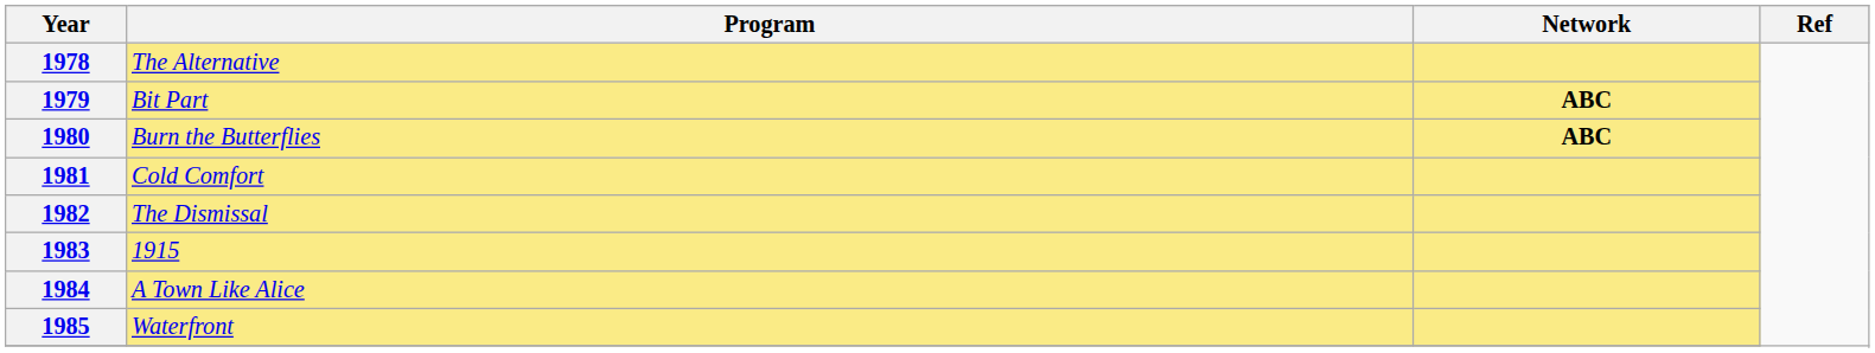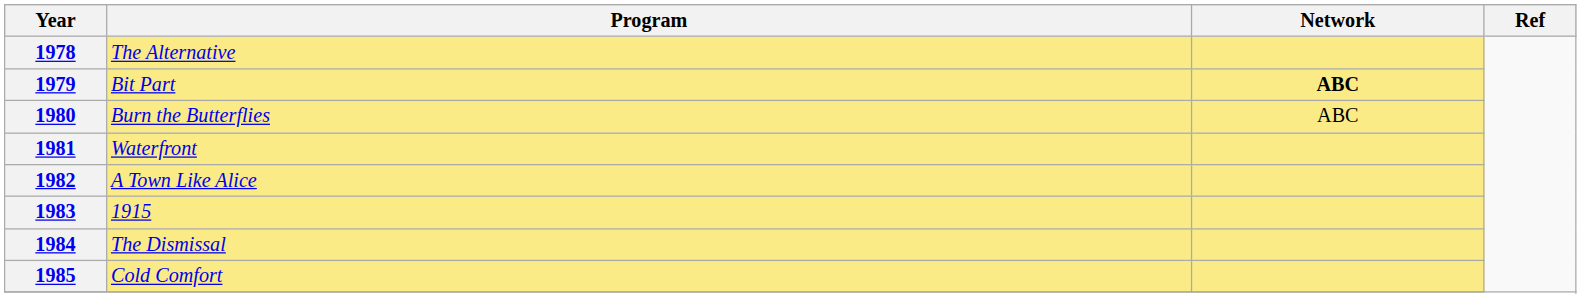 <table class="wikitable sortable">
 <tr style="background:#bebebe;">
 <th scope="col" style="width:1%;">Year</th>
 <th scope="col" style="width:16%;">Program</th>
 <th scope="col" style="width:4%;">Network</th>
 <th scope="col" style="width:1%;" class="unsortable">Ref</th>
 </tr>
 <tr>
 <th scope="row" style="text-align:center"><a href='#'>1978</a></th>
 <td style="background:#FAEB86"><em><a href='#'>The Alternative</a></em></td>
 <td style="background:#FAEB86"></td>
 </tr>
 <tr>
 <th scope="row" style="text-align:center"><a href='#'>1979</a></th>
 <td style="background:#FAEB86"><em><a href='#'>Bit Part</a></em></td>
 <td style="background:#FAEB86; text-align:center;"><strong>ABC</strong></td>
 </tr>
 <tr>
 <th scope="row" style="text-align:center"><a href='#'>1980</a></th>
 <td style="background:#FAEB86"><em><a href='#'>Burn the Butterflies</a></em></td>
-<td style="background:#FAEB86; text-align:center;"><strong>ABC</strong></td>
+<td style="background:#FAEB86; text-align:center;">ABC</td>
 </tr>
 <tr>
 <th scope="row" style="text-align:center"><a href='#'>1981</a></th>
-<td style="background:#FAEB86"><em><a href='#'>Cold Comfort</a></em></td>
+<td style="background:#FAEB86"><em><a href='#'>Waterfront</a></em></td>
 <td style="background:#FAEB86"></td>
 </tr>
 <tr>
 <th scope="row" style="text-align:center"><a href='#'>1982</a></th>
-<td style="background:#FAEB86"><em><a href='#'>The Dismissal</a></em></td>
+<td style="background:#FAEB86"><em><a href='#'>A Town Like Alice</a></em></td>
 <td style="background:#FAEB86"></td>
 </tr>
 <tr>
 <th scope="row" style="text-align:center"><a href='#'>1983</a></th>
 <td style="background:#FAEB86"><em><a href='#'>1915</a></em></td>
 <td style="background:#FAEB86"></td>
 </tr>
 <tr>
 <th scope="row" style="text-align:center"><a href='#'>1984</a></th>
-<td style="background:#FAEB86"><em><a href='#'>A Town Like Alice</a></em></td>
+<td style="background:#FAEB86"><em><a href='#'>The Dismissal</a></em></td>
 <td style="background:#FAEB86"></td>
 </tr>
 <tr>
 <th scope="row" style="text-align:center"><a href='#'>1985</a></th>
-<td style="background:#FAEB86"><em><a href='#'>Waterfront</a></em></td>
+<td style="background:#FAEB86"><em><a href='#'>Cold Comfort</a></em></td>
 <td style="background:#FAEB86"></td>
 </tr>
 <tr>
 </tr>
 </table>
